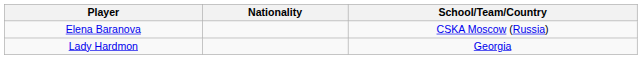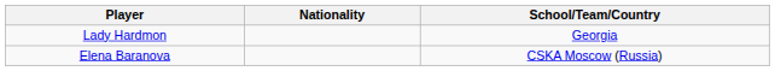 <table class="wikitable" style="text-align:center; width:60em">
 <tr>
 <th>Player</th>
 <th>Nationality</th>
 <th>School/Team/Country</th>
 </tr>
 <tr>
+<td><a href='#'>Lady Hardmon</a></td>
+<td></td>
+<td><a href='#'>Georgia</a></td>
+</tr>
+<tr>
 <td><a href='#'>Elena Baranova</a></td>
 <td></td>
 <td><a href='#'>CSKA Moscow</a> (<a href='#'>Russia</a>)</td>
 </tr>
-<tr>
-<td><a href='#'>Lady Hardmon</a></td>
-<td></td>
-<td><a href='#'>Georgia</a></td>
-</tr>
 </table>
